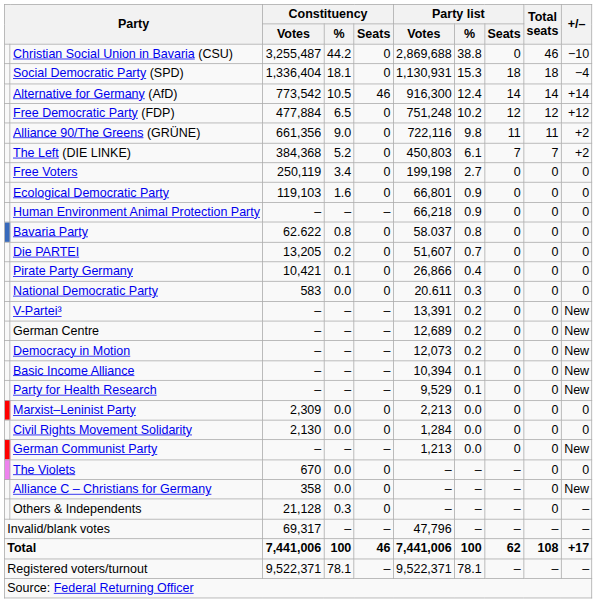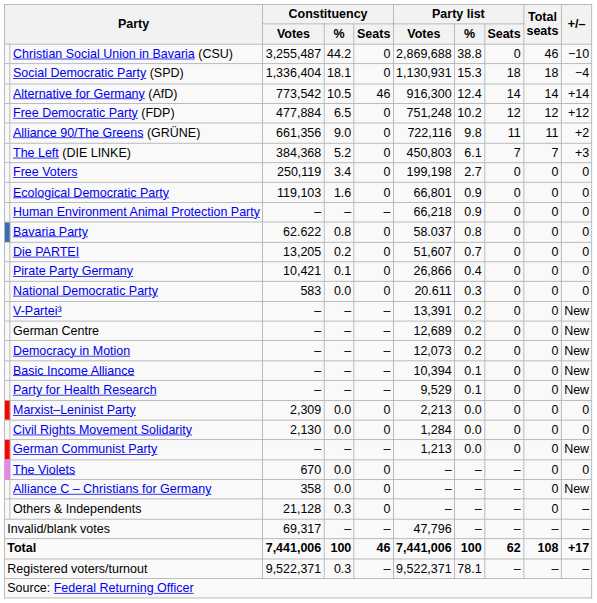 <table class="wikitable" style="text-align:right">
 <tr>
 <th colspan="2" rowspan="2">Party</th>
 <th colspan="3">Constituency</th>
 <th colspan="3">Party list</th>
 <th rowspan="2">Total<br>seats</th>
 <th rowspan="2">+/–</th>
 </tr>
 <tr>
 <th>Votes</th>
 <th>%</th>
 <th>Seats</th>
 <th>Votes</th>
 <th>%</th>
 <th>Seats</th>
 </tr>
 <tr>
 <td></td>
 <td align="left"><a href='#'>Christian Social Union in Bavaria</a> (CSU)</td>
 <td>3,255,487</td>
 <td>44.2</td>
 <td>0</td>
 <td>2,869,688</td>
 <td>38.8</td>
 <td>0</td>
 <td>46</td>
 <td>−10</td>
 </tr>
 <tr>
 <td></td>
 <td align="left"><a href='#'>Social Democratic Party</a> (SPD)</td>
 <td>1,336,404</td>
 <td>18.1</td>
 <td>0</td>
 <td>1,130,931</td>
 <td>15.3</td>
 <td>18</td>
 <td>18</td>
 <td>−4</td>
 </tr>
 <tr>
 <td></td>
 <td align="left"><a href='#'>Alternative for Germany</a> (AfD)</td>
 <td>773,542</td>
 <td>10.5</td>
 <td>46</td>
 <td>916,300</td>
 <td>12.4</td>
 <td>14</td>
 <td>14</td>
 <td>+14</td>
 </tr>
 <tr>
 <td></td>
 <td align="left"><a href='#'>Free Democratic Party</a> (FDP)</td>
 <td>477,884</td>
 <td>6.5</td>
 <td>0</td>
 <td>751,248</td>
 <td>10.2</td>
 <td>12</td>
 <td>12</td>
 <td>+12</td>
 </tr>
 <tr>
 <td></td>
 <td align="left"><a href='#'>Alliance 90/The Greens</a> (GRÜNE)</td>
 <td>661,356</td>
 <td>9.0</td>
 <td>0</td>
 <td>722,116</td>
 <td>9.8</td>
 <td>11</td>
 <td>11</td>
 <td>+2</td>
 </tr>
 <tr>
 <td></td>
 <td align="left"><a href='#'>The Left</a> (DIE LINKE)</td>
 <td>384,368</td>
 <td>5.2</td>
 <td>0</td>
 <td>450,803</td>
 <td>6.1</td>
 <td>7</td>
 <td>7</td>
-<td>+2</td>
+<td>+3</td>
 </tr>
 <tr>
 <td style="background-color:"></td>
 <td align="left"><a href='#'>Free Voters</a></td>
 <td>250,119</td>
 <td>3.4</td>
 <td>0</td>
 <td>199,198</td>
 <td>2.7</td>
 <td>0</td>
 <td>0</td>
 <td>0</td>
 </tr>
 <tr>
 <td style="background-color:"></td>
 <td align="left"><a href='#'>Ecological Democratic Party</a></td>
 <td>119,103</td>
 <td>1.6</td>
 <td>0</td>
 <td>66,801</td>
 <td>0.9</td>
 <td>0</td>
 <td>0</td>
 <td>0</td>
 </tr>
 <tr>
 <td style="background-color:"></td>
 <td align="left"><a href='#'>Human Environment Animal Protection Party</a></td>
 <td>–</td>
 <td>–</td>
 <td>–</td>
 <td>66,218</td>
 <td>0.9</td>
 <td>0</td>
 <td>0</td>
 <td>0</td>
 </tr>
 <tr>
 <td style="background-color:#386ABC;"></td>
 <td align="left"><a href='#'>Bavaria Party</a></td>
 <td>62.622</td>
 <td>0.8</td>
 <td>0</td>
 <td>58.037</td>
 <td>0.8</td>
 <td>0</td>
 <td>0</td>
 <td>0</td>
 </tr>
 <tr>
 <td style="background-color:"></td>
 <td align="left"><a href='#'>Die PARTEI</a></td>
 <td>13,205</td>
 <td>0.2</td>
 <td>0</td>
 <td>51,607</td>
 <td>0.7</td>
 <td>0</td>
 <td>0</td>
 <td>0</td>
 </tr>
 <tr>
 <td style="background-color:"></td>
 <td align="left"><a href='#'>Pirate Party Germany</a></td>
 <td>10,421</td>
 <td>0.1</td>
 <td>0</td>
 <td>26,866</td>
 <td>0.4</td>
 <td>0</td>
 <td>0</td>
 <td>0</td>
 </tr>
 <tr>
 <td style="background-color:"></td>
 <td align="left"><a href='#'>National Democratic Party</a></td>
 <td>583</td>
 <td>0.0</td>
 <td>0</td>
 <td>20.611</td>
 <td>0.3</td>
 <td>0</td>
 <td>0</td>
 <td>0</td>
 </tr>
 <tr>
 <td style="background-color:"></td>
 <td align="left"><a href='#'>V-Partei³</a></td>
 <td>–</td>
 <td>–</td>
 <td>–</td>
 <td>13,391</td>
 <td>0.2</td>
 <td>0</td>
 <td>0</td>
 <td>New</td>
 </tr>
 <tr>
 <td></td>
 <td align="left">German Centre</td>
 <td>–</td>
 <td>–</td>
 <td>–</td>
 <td>12,689</td>
 <td>0.2</td>
 <td>0</td>
 <td>0</td>
 <td>New</td>
 </tr>
 <tr>
 <td></td>
 <td align="left"><a href='#'>Democracy in Motion</a></td>
 <td>–</td>
 <td>–</td>
 <td>–</td>
 <td>12,073</td>
 <td>0.2</td>
 <td>0</td>
 <td>0</td>
 <td>New</td>
 </tr>
 <tr>
 <td style="background-color:"></td>
 <td align="left"><a href='#'>Basic Income Alliance</a></td>
 <td>–</td>
 <td>–</td>
 <td>–</td>
 <td>10,394</td>
 <td>0.1</td>
 <td>0</td>
 <td>0</td>
 <td>New</td>
 </tr>
 <tr>
 <td></td>
 <td align="left"><a href='#'>Party for Health Research</a></td>
 <td>–</td>
 <td>–</td>
 <td>–</td>
 <td>9,529</td>
 <td>0.1</td>
 <td>0</td>
 <td>0</td>
 <td>New</td>
 </tr>
 <tr>
 <td style="background-color:red"></td>
 <td align="left"><a href='#'>Marxist–Leninist Party</a></td>
 <td>2,309</td>
 <td>0.0</td>
 <td>0</td>
 <td>2,213</td>
 <td>0.0</td>
 <td>0</td>
 <td>0</td>
 <td>0</td>
 </tr>
 <tr>
 <td></td>
 <td align="left"><a href='#'>Civil Rights Movement Solidarity</a></td>
 <td>2,130</td>
 <td>0.0</td>
 <td>0</td>
 <td>1,284</td>
 <td>0.0</td>
 <td>0</td>
 <td>0</td>
 <td>0</td>
 </tr>
 <tr>
 <td style="background-color:red"></td>
 <td align="left"><a href='#'>German Communist Party</a></td>
 <td>–</td>
 <td>–</td>
 <td>–</td>
 <td>1,213</td>
 <td>0.0</td>
 <td>0</td>
 <td>0</td>
 <td>New</td>
 </tr>
 <tr>
 <td style="background-color:violet"></td>
 <td align="left"><a href='#'>The Violets</a></td>
 <td>670</td>
 <td>0.0</td>
 <td>0</td>
 <td>–</td>
 <td>–</td>
 <td>–</td>
 <td>0</td>
 <td>0</td>
 </tr>
 <tr>
 <td></td>
 <td align="left"><a href='#'>Alliance C – Christians for Germany</a></td>
 <td>358</td>
 <td>0.0</td>
 <td>0</td>
 <td>–</td>
 <td>–</td>
 <td>–</td>
 <td>0</td>
 <td>New</td>
 </tr>
 <tr>
 <td></td>
 <td align="left">Others & Independents</td>
 <td>21,128</td>
 <td>0.3</td>
 <td>0</td>
 <td>–</td>
 <td>–</td>
 <td>–</td>
 <td>0</td>
 <td>–</td>
 </tr>
 <tr>
 <td colspan="2" align="left">Invalid/blank votes</td>
 <td>69,317</td>
 <td>–</td>
 <td>–</td>
 <td>47,796</td>
 <td>–</td>
 <td>–</td>
 <td>–</td>
 <td>–</td>
 </tr>
 <tr>
 <td colspan="2" align="left"><strong>Total</strong></td>
 <td><strong>7,441,006</strong></td>
 <td><strong>100</strong></td>
 <td><strong>46</strong></td>
 <td><strong>7,441,006</strong></td>
 <td><strong>100</strong></td>
 <td><strong>62</strong></td>
 <td><strong>108</strong></td>
 <td><strong>+17</strong></td>
 </tr>
 <tr>
 <td colspan="2" align="left">Registered voters/turnout</td>
 <td>9,522,371</td>
-<td>78.1</td>
+<td>0.3</td>
 <td>–</td>
 <td>9,522,371</td>
 <td>78.1</td>
 <td>–</td>
 <td>–</td>
 <td>–</td>
 </tr>
 <tr>
 <td colspan="10" align="left">Source: <a href='#'>Federal Returning Officer</a></td>
 </tr>
 </table>
